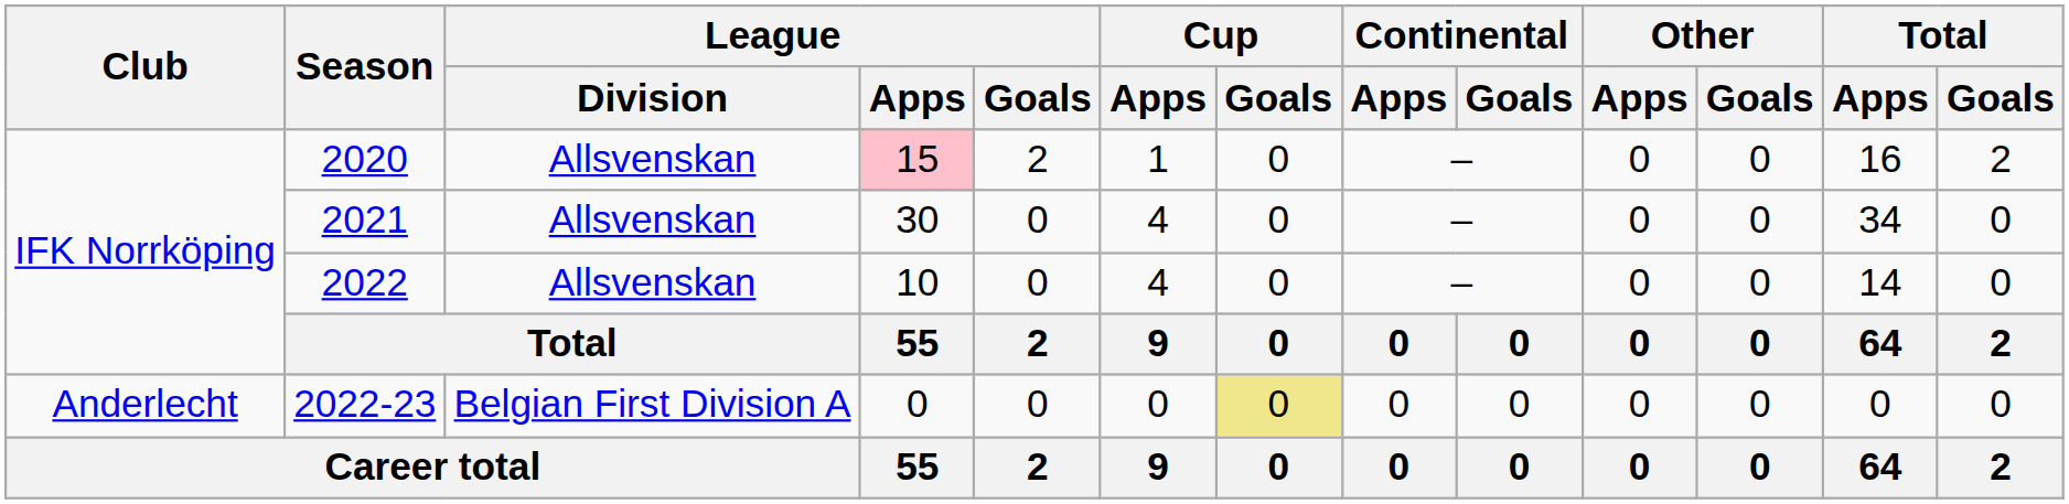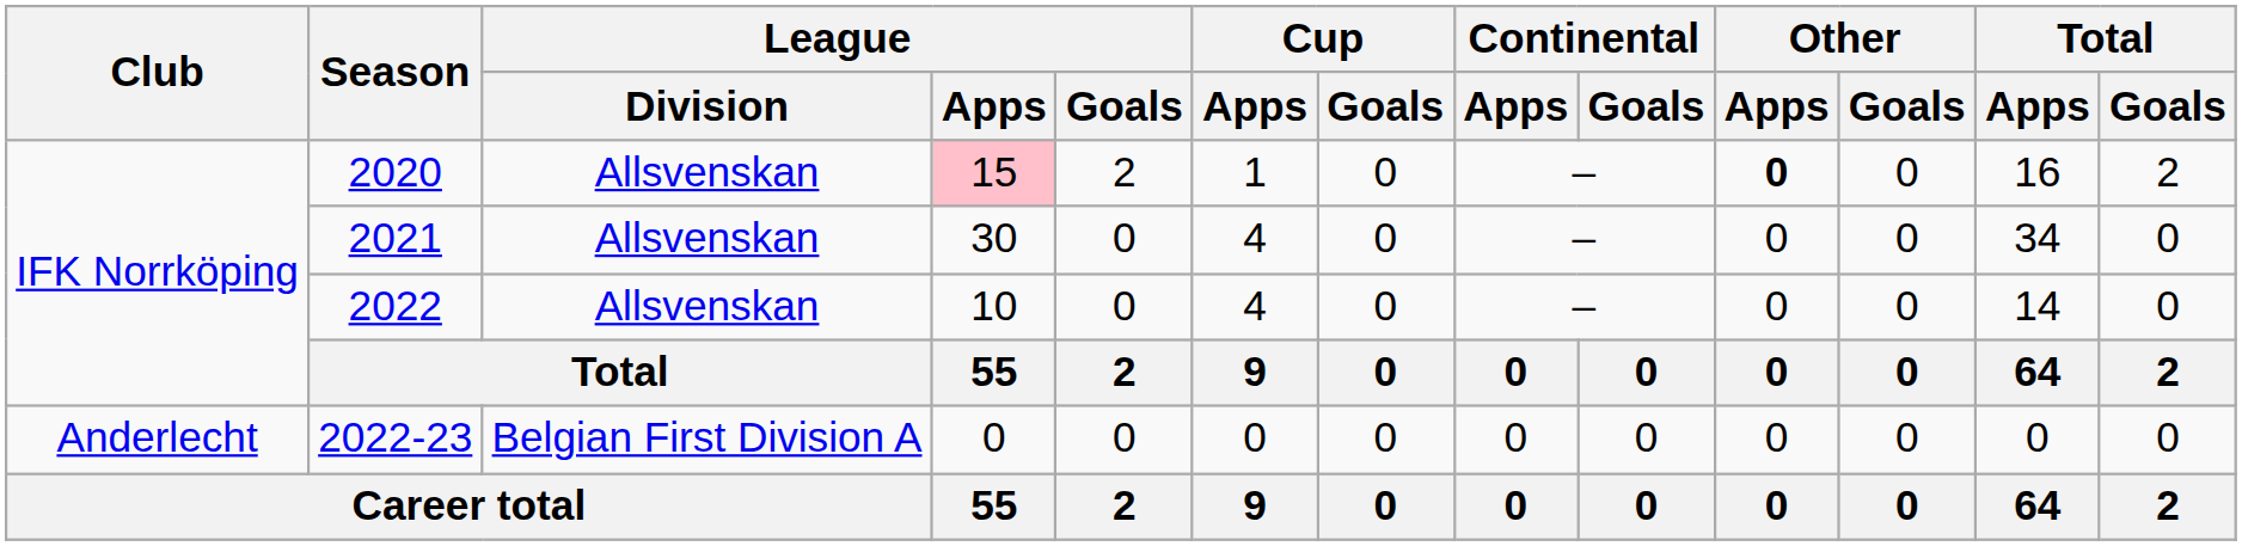 <table class="wikitable" style="text-align: center">
 <tr>
 <th rowspan="2">Club</th>
 <th rowspan="2">Season</th>
 <th colspan="3">League</th>
 <th colspan="2">Cup</th>
 <th colspan="2">Continental</th>
 <th colspan="2">Other</th>
 <th colspan="2">Total</th>
 </tr>
 <tr>
 <th>Division</th>
 <th>Apps</th>
 <th>Goals</th>
 <th>Apps</th>
 <th>Goals</th>
 <th>Apps</th>
 <th>Goals</th>
 <th>Apps</th>
 <th>Goals</th>
 <th>Apps</th>
 <th>Goals</th>
 </tr>
 <tr>
 <td rowspan=4><a href='#'>IFK Norrköping</a></td>
 <td><a href='#'>2020</a></td>
 <td><a href='#'>Allsvenskan</a></td>
 <td style="background: pink;">15</td>
 <td>2</td>
 <td>1</td>
 <td>0</td>
 <td colspan="2">–</td>
-<td>0</td>
+<td><strong>0</strong></td>
 <td>0</td>
 <td>16</td>
 <td>2</td>
 </tr>
 <tr>
 <td><a href='#'>2021</a></td>
 <td><a href='#'>Allsvenskan</a></td>
 <td>30</td>
 <td>0</td>
 <td>4</td>
 <td>0</td>
 <td colspan="2">–</td>
 <td>0</td>
 <td>0</td>
 <td>34</td>
 <td>0</td>
 </tr>
 <tr>
 <td><a href='#'>2022</a></td>
 <td><a href='#'>Allsvenskan</a></td>
 <td>10</td>
 <td>0</td>
 <td>4</td>
 <td>0</td>
 <td colspan="2">–</td>
 <td>0</td>
 <td>0</td>
 <td>14</td>
 <td>0</td>
 </tr>
 <tr>
 <th colspan=2>Total</th>
 <th>55</th>
 <th>2</th>
 <th>9</th>
 <th>0</th>
 <th>0</th>
 <th>0</th>
 <th>0</th>
 <th>0</th>
 <th>64</th>
 <th>2</th>
 </tr>
 <tr>
 <td><a href='#'>Anderlecht</a></td>
 <td><a href='#'>2022-23</a></td>
 <td><a href='#'>Belgian First Division A</a></td>
 <td>0</td>
 <td>0</td>
 <td>0</td>
-<td style="background: khaki;">0</td>
+<td>0</td>
 <td>0</td>
 <td>0</td>
 <td>0</td>
 <td>0</td>
 <td>0</td>
 <td>0</td>
 </tr>
 <tr>
 <th colspan=3>Career total</th>
 <th>55</th>
 <th>2</th>
 <th>9</th>
 <th>0</th>
 <th>0</th>
 <th>0</th>
 <th>0</th>
 <th>0</th>
 <th>64</th>
 <th>2</th>
 </tr>
 </table>
